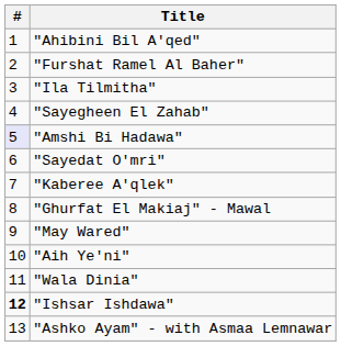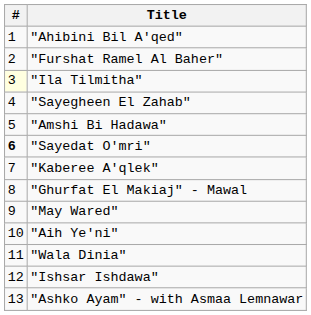 <table class="wikitable">
 <tr>
 <th align="center">#</th>
 <th align="center">Title</th>
 </tr>
 <tr>
 <td>1</td>
 <td>"Ahibini Bil A'qed"</td>
 </tr>
 <tr>
 <td>2</td>
 <td>"Furshat Ramel Al Baher"</td>
 </tr>
 <tr>
-<td>3</td>
+<td style="background: lightyellow;">3</td>
 <td>"Ila Tilmitha"</td>
 </tr>
 <tr>
 <td>4</td>
 <td>"Sayegheen El Zahab"</td>
 </tr>
 <tr>
-<td style="background: lavender;">5</td>
+<td>5</td>
 <td>"Amshi Bi Hadawa"</td>
 </tr>
 <tr>
-<td>6</td>
+<td><strong>6</strong></td>
 <td>"Sayedat O'mri"</td>
 </tr>
 <tr>
 <td>7</td>
 <td>"Kaberee A'qlek"</td>
 </tr>
 <tr>
 <td>8</td>
 <td>"Ghurfat El Makiaj" - Mawal</td>
 </tr>
 <tr>
 <td>9</td>
 <td>"May Wared"</td>
 </tr>
 <tr>
 <td>10</td>
 <td>"Aih Ye'ni"</td>
 </tr>
 <tr>
 <td>11</td>
 <td>"Wala Dinia"</td>
 </tr>
 <tr>
-<td><strong>12</strong></td>
+<td>12</td>
 <td>"Ishsar Ishdawa"</td>
 </tr>
 <tr>
 <td>13</td>
 <td>"Ashko Ayam" - with Asmaa Lemnawar</td>
 </tr>
 </table>
